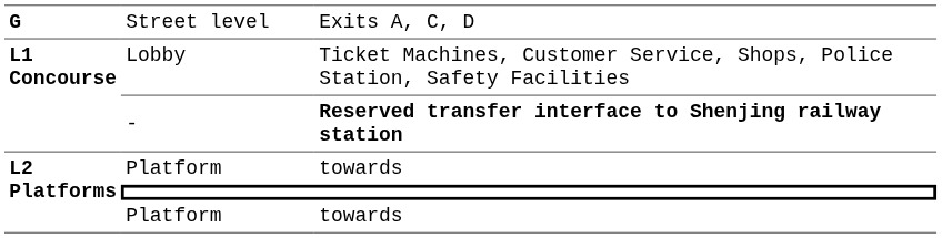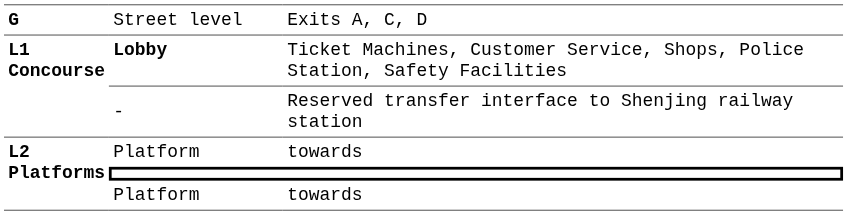 <table table border=0 cellspacing=0 cellpadding=3>
 <tr>
 <td style="border-top:solid 1px gray;" width=50 valign=top><strong>G</strong></td>
 <td style="border-top:solid 1px gray;" width=120 valign=top>Street level</td>
 <td style="border-top:solid 1px gray;" width=400 valign=top>Exits A, C, D</td>
 </tr>
 <tr>
 <td style="border-bottom:solid 1px gray; border-top:solid 1px gray;" valign=top rowspan=2><strong>L1<br>Concourse</strong></td>
-<td style="border-bottom:solid 1px gray; border-top:solid 1px gray;" valign=top>Lobby</td>
+<td style="border-bottom:solid 1px gray; border-top:solid 1px gray;" valign=top><strong>Lobby</strong></td>
 <td style="border-bottom:solid 1px gray; border-top:solid 1px gray;" valign=top>Ticket Machines, Customer Service, Shops, Police Station, Safety Facilities</td>
 </tr>
 <tr>
 <td style="border-bottom:solid 1px gray; valign=top">-</td>
-<td style="border-bottom:solid 1px gray; valign=top"><strong>Reserved transfer interface to Shenjing railway station</strong></td>
+<td style="border-bottom:solid 1px gray; valign=top">Reserved transfer interface to Shenjing railway station</td>
 </tr>
 <tr>
 <td style="border-bottom:solid 1px gray;" rowspan=3 valign=top><strong>L2<br>Platforms</strong></td>
 <td>Platform </td>
 <td>  towards  </td>
 </tr>
 <tr>
 <td style="border-right:solid 2px black;border-left:solid 2px black;border-top:solid 2px black;border-bottom:solid 2px black;text-align:center;" colspan=2></td>
 </tr>
 <tr>
 <td style="border-bottom:solid 1px gray;">Platform </td>
 <td style="border-bottom:solid 1px gray;"> towards   </td>
 </tr>
 </table>
